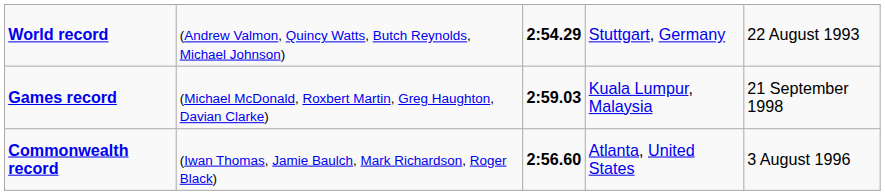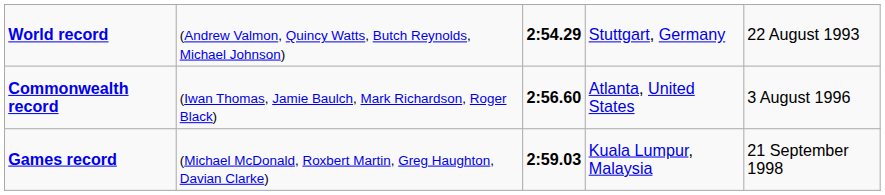 <table class="wikitable">
 <tr>
 <td><a href='#'><strong>World record</strong></a></td>
 <td><br><small>(<a href='#'>Andrew Valmon</a>, <a href='#'>Quincy Watts</a>, <a href='#'>Butch Reynolds</a>, <a href='#'>Michael Johnson</a>)</small></td>
 <td><strong>2:54.29</strong></td>
 <td><a href='#'>Stuttgart</a>, <a href='#'>Germany</a></td>
 <td>22 August 1993</td>
 </tr>
 <tr>
+<td><a href='#'><strong>Commonwealth record</strong></a></td>
+<td><br><small>(<a href='#'>Iwan Thomas</a>, <a href='#'>Jamie Baulch</a>, <a href='#'>Mark Richardson</a>, <a href='#'>Roger Black</a>)</small></td>
+<td><strong>2:56.60 </strong></td>
+<td><a href='#'>Atlanta</a>, <a href='#'>United States</a></td>
+<td>3 August 1996</td>
+</tr>
+<tr>
 <td><a href='#'><strong>Games record</strong></a></td>
 <td><br><small>(<a href='#'>Michael McDonald</a>, <a href='#'>Roxbert Martin</a>, <a href='#'>Greg Haughton</a>, <a href='#'>Davian Clarke</a>)</small></td>
 <td><strong>2:59.03</strong></td>
 <td><a href='#'>Kuala Lumpur</a>, <a href='#'>Malaysia</a></td>
 <td>21 September 1998</td>
 </tr>
-<tr>
-<td><a href='#'><strong>Commonwealth record</strong></a></td>
-<td><br><small>(<a href='#'>Iwan Thomas</a>, <a href='#'>Jamie Baulch</a>, <a href='#'>Mark Richardson</a>, <a href='#'>Roger Black</a>)</small></td>
-<td><strong>2:56.60 </strong></td>
-<td><a href='#'>Atlanta</a>, <a href='#'>United States</a></td>
-<td>3 August 1996</td>
-</tr>
 </table>
